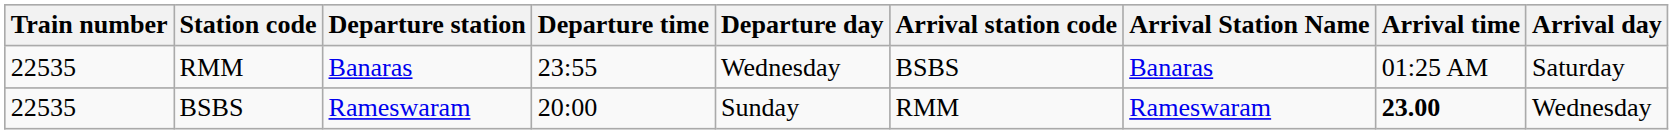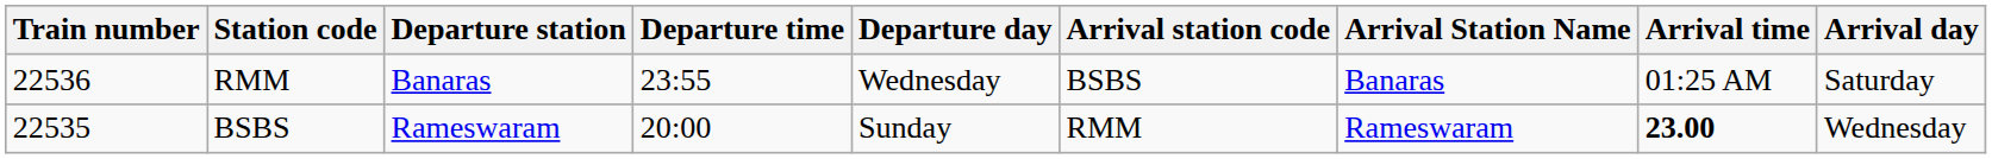 <table class="wikitable">
 <tr>
 <th>Train number</th>
 <th>Station code</th>
 <th>Departure station</th>
 <th>Departure time</th>
 <th>Departure day</th>
 <th>Arrival station code</th>
 <th>Arrival Station Name</th>
 <th>Arrival time</th>
 <th>Arrival day</th>
 </tr>
 <tr>
-<td>22535</td>
+<td>22536</td>
 <td>RMM</td>
 <td><a href='#'>Banaras</a></td>
 <td>23:55</td>
 <td>Wednesday</td>
 <td>BSBS</td>
 <td><a href='#'>Banaras</a></td>
 <td>01:25 AM</td>
 <td>Saturday</td>
 </tr>
 <tr>
 <td>22535</td>
 <td>BSBS</td>
 <td><a href='#'>Rameswaram</a></td>
 <td>20:00</td>
 <td>Sunday</td>
 <td>RMM</td>
 <td><a href='#'>Rameswaram</a></td>
 <td><strong>23.00</strong></td>
 <td>Wednesday</td>
 </tr>
 </table>
